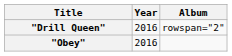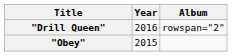 <table class="wikitable plainrowheaders" style="text-align:center;">
 <tr>
 <th scope="col" rowspan="1" style="width:13em;">Title</th>
 <th scope="col" rowspan="1">Year</th>
 <th scope="col" rowspan="1">Album</th>
 </tr>
 <tr>
 <th scope="row">"Drill Queen"<br></th>
 <td>2016</td>
 <td>rowspan="2" </td>
 </tr>
 <tr>
 <th scope="row">"Obey"<br></th>
-<td>2016</td>
+<td>2015</td>
 </tr>
 </table>
